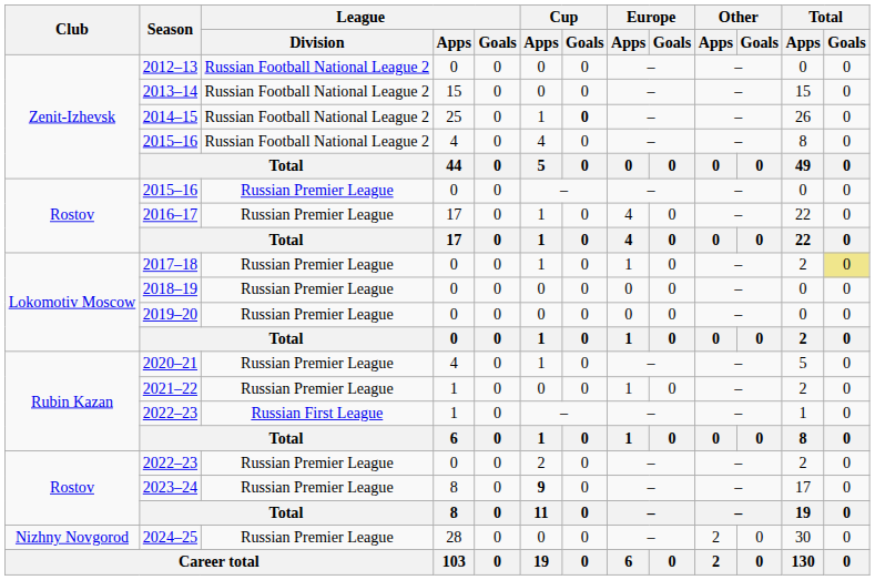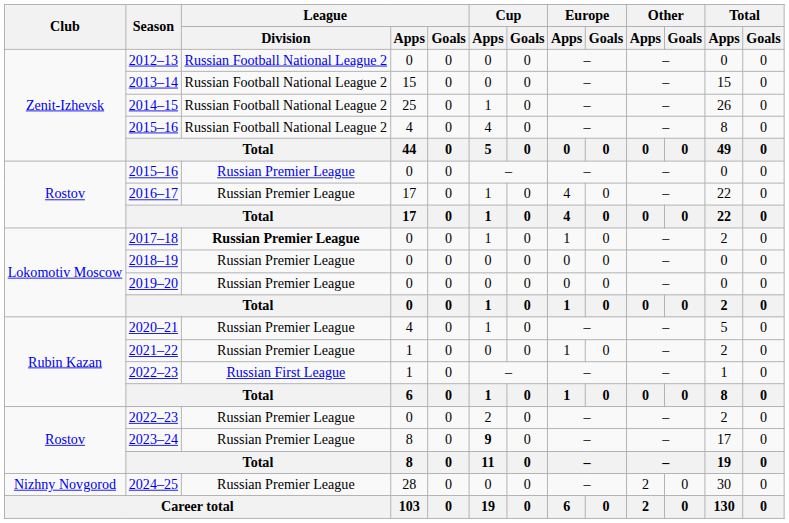 <table class="wikitable" style="text-align: center;">
 <tr>
 <th rowspan="2">Club</th>
 <th rowspan="2">Season</th>
 <th colspan="3">League</th>
 <th colspan="2">Cup</th>
 <th colspan="2">Europe</th>
 <th colspan="2">Other</th>
 <th colspan="2">Total</th>
 </tr>
 <tr>
 <th>Division</th>
 <th>Apps</th>
 <th>Goals</th>
 <th>Apps</th>
 <th>Goals</th>
 <th>Apps</th>
 <th>Goals</th>
 <th>Apps</th>
 <th>Goals</th>
 <th>Apps</th>
 <th>Goals</th>
 </tr>
 <tr>
 <td rowspan=5><a href='#'>Zenit-Izhevsk</a></td>
 <td><a href='#'>2012–13</a></td>
 <td><a href='#'>Russian Football National League 2</a></td>
 <td>0</td>
 <td>0</td>
 <td>0</td>
 <td>0</td>
 <td colspan=2>–</td>
 <td colspan=2>–</td>
 <td>0</td>
 <td>0</td>
 </tr>
 <tr>
 <td><a href='#'>2013–14</a></td>
 <td>Russian Football National League 2</td>
 <td>15</td>
 <td>0</td>
 <td>0</td>
 <td>0</td>
 <td colspan=2>–</td>
 <td colspan=2>–</td>
 <td>15</td>
 <td>0</td>
 </tr>
 <tr>
 <td><a href='#'>2014–15</a></td>
 <td>Russian Football National League 2</td>
 <td>25</td>
 <td>0</td>
 <td>1</td>
-<td><strong>0</strong></td>
+<td>0</td>
 <td colspan=2>–</td>
 <td colspan=2>–</td>
 <td>26</td>
 <td>0</td>
 </tr>
 <tr>
 <td><a href='#'>2015–16</a></td>
 <td>Russian Football National League 2</td>
 <td>4</td>
 <td>0</td>
 <td>4</td>
 <td>0</td>
 <td colspan=2>–</td>
 <td colspan=2>–</td>
 <td>8</td>
 <td>0</td>
 </tr>
 <tr>
 <th colspan=2>Total</th>
 <th>44</th>
 <th>0</th>
 <th>5</th>
 <th>0</th>
 <th>0</th>
 <th>0</th>
 <th>0</th>
 <th>0</th>
 <th>49</th>
 <th>0</th>
 </tr>
 <tr>
 <td rowspan=3><a href='#'>Rostov</a></td>
 <td><a href='#'>2015–16</a></td>
 <td><a href='#'>Russian Premier League</a></td>
 <td>0</td>
 <td>0</td>
 <td colspan=2>–</td>
 <td colspan=2>–</td>
 <td colspan=2>–</td>
 <td>0</td>
 <td>0</td>
 </tr>
 <tr>
 <td><a href='#'>2016–17</a></td>
 <td>Russian Premier League</td>
 <td>17</td>
 <td>0</td>
 <td>1</td>
 <td>0</td>
 <td>4</td>
 <td>0</td>
 <td colspan=2>–</td>
 <td>22</td>
 <td>0</td>
 </tr>
 <tr>
 <th colspan=2>Total</th>
 <th>17</th>
 <th>0</th>
 <th>1</th>
 <th>0</th>
 <th>4</th>
 <th>0</th>
 <th>0</th>
 <th>0</th>
 <th>22</th>
 <th>0</th>
 </tr>
 <tr>
 <td rowspan="4"><a href='#'>Lokomotiv Moscow</a></td>
 <td><a href='#'>2017–18</a></td>
-<td>Russian Premier League</td>
+<td><strong>Russian Premier League</strong></td>
 <td>0</td>
 <td>0</td>
 <td>1</td>
 <td>0</td>
 <td>1</td>
 <td>0</td>
 <td colspan=2>–</td>
 <td>2</td>
-<td style="background: khaki;">0</td>
+<td>0</td>
 </tr>
 <tr>
 <td><a href='#'>2018–19</a></td>
 <td>Russian Premier League</td>
 <td>0</td>
 <td>0</td>
 <td>0</td>
 <td>0</td>
 <td>0</td>
 <td>0</td>
 <td colspan=2>–</td>
 <td>0</td>
 <td>0</td>
 </tr>
 <tr>
 <td><a href='#'>2019–20</a></td>
 <td>Russian Premier League</td>
 <td>0</td>
 <td>0</td>
 <td>0</td>
 <td>0</td>
 <td>0</td>
 <td>0</td>
 <td colspan=2>–</td>
 <td>0</td>
 <td>0</td>
 </tr>
 <tr>
 <th colspan=2>Total</th>
 <th>0</th>
 <th>0</th>
 <th>1</th>
 <th>0</th>
 <th>1</th>
 <th>0</th>
 <th>0</th>
 <th>0</th>
 <th>2</th>
 <th>0</th>
 </tr>
 <tr>
 <td rowspan="4"><a href='#'>Rubin Kazan</a></td>
 <td><a href='#'>2020–21</a></td>
 <td>Russian Premier League</td>
 <td>4</td>
 <td>0</td>
 <td>1</td>
 <td>0</td>
 <td colspan=2>–</td>
 <td colspan=2>–</td>
 <td>5</td>
 <td>0</td>
 </tr>
 <tr>
 <td><a href='#'>2021–22</a></td>
 <td>Russian Premier League</td>
 <td>1</td>
 <td>0</td>
 <td>0</td>
 <td>0</td>
 <td>1</td>
 <td>0</td>
 <td colspan=2>–</td>
 <td>2</td>
 <td>0</td>
 </tr>
 <tr>
 <td><a href='#'>2022–23</a></td>
 <td><a href='#'>Russian First League</a></td>
 <td>1</td>
 <td>0</td>
 <td colspan=2>–</td>
 <td colspan=2>–</td>
 <td colspan=2>–</td>
 <td>1</td>
 <td>0</td>
 </tr>
 <tr>
 <th colspan=2>Total</th>
 <th>6</th>
 <th>0</th>
 <th>1</th>
 <th>0</th>
 <th>1</th>
 <th>0</th>
 <th>0</th>
 <th>0</th>
 <th>8</th>
 <th>0</th>
 </tr>
 <tr>
 <td rowspan="3"><a href='#'>Rostov</a></td>
 <td><a href='#'>2022–23</a></td>
 <td>Russian Premier League</td>
 <td>0</td>
 <td>0</td>
 <td>2</td>
 <td>0</td>
 <td colspan=2>–</td>
 <td colspan=2>–</td>
 <td>2</td>
 <td>0</td>
 </tr>
 <tr>
 <td><a href='#'>2023–24</a></td>
 <td>Russian Premier League</td>
 <td>8</td>
 <td>0</td>
 <td><strong>9</strong></td>
 <td>0</td>
 <td colspan=2>–</td>
 <td colspan=2>–</td>
 <td>17</td>
 <td>0</td>
 </tr>
 <tr>
 <th colspan=2>Total</th>
 <th>8</th>
 <th>0</th>
 <th>11</th>
 <th>0</th>
 <th colspan=2>–</th>
 <th colspan=2>–</th>
 <th>19</th>
 <th>0</th>
 </tr>
 <tr>
 <td><a href='#'>Nizhny Novgorod</a></td>
 <td><a href='#'>2024–25</a></td>
 <td>Russian Premier League</td>
 <td>28</td>
 <td>0</td>
 <td>0</td>
 <td>0</td>
 <td colspan="2">–</td>
 <td>2</td>
 <td>0</td>
 <td>30</td>
 <td>0</td>
 </tr>
 <tr>
 <th colspan="3">Career total</th>
 <th>103</th>
 <th>0</th>
 <th>19</th>
 <th>0</th>
 <th>6</th>
 <th>0</th>
 <th>2</th>
 <th>0</th>
 <th>130</th>
 <th>0</th>
 </tr>
 </table>
